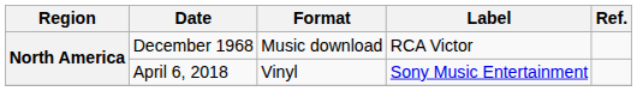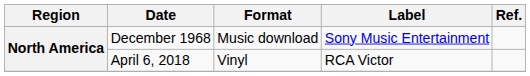 <table class="wikitable plainrowheaders">
 <tr>
 <th scope="col">Region</th>
 <th scope="col">Date</th>
 <th scope="col">Format</th>
 <th scope="col">Label</th>
 <th scope="col">Ref.</th>
 </tr>
 <tr>
 <th scope="row" rowspan="2">North America</th>
 <td>December 1968</td>
 <td>Music download</td>
-<td>RCA Victor</td>
+<td><a href='#'>Sony Music Entertainment</a></td>
 <td></td>
 </tr>
 <tr>
 <td>April 6, 2018</td>
 <td>Vinyl</td>
-<td><a href='#'>Sony Music Entertainment</a></td>
+<td>RCA Victor</td>
 <td></td>
 </tr>
 <tr>
 </tr>
 </table>
